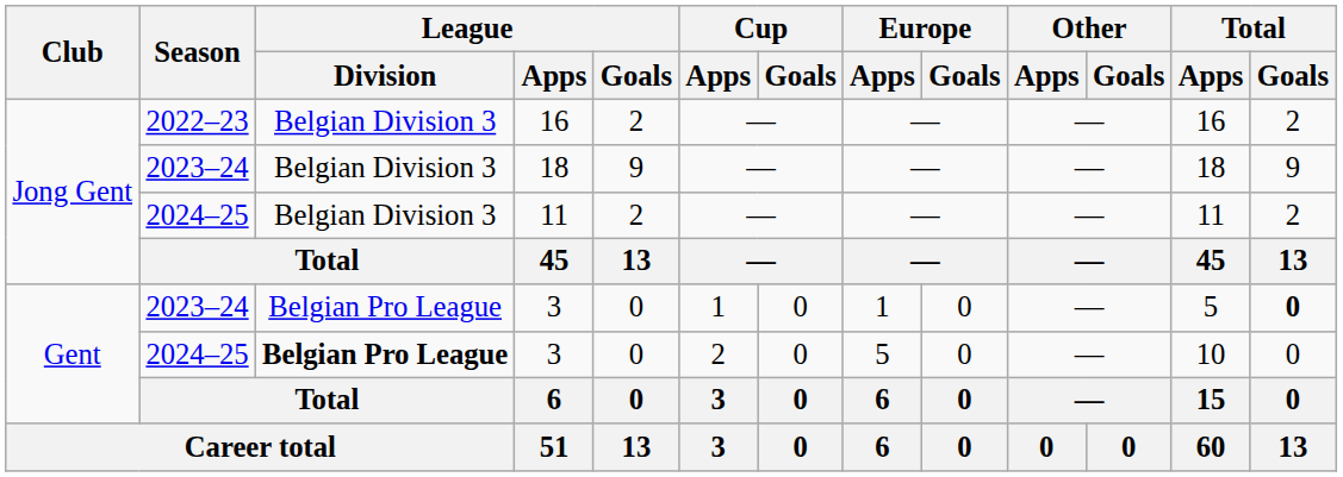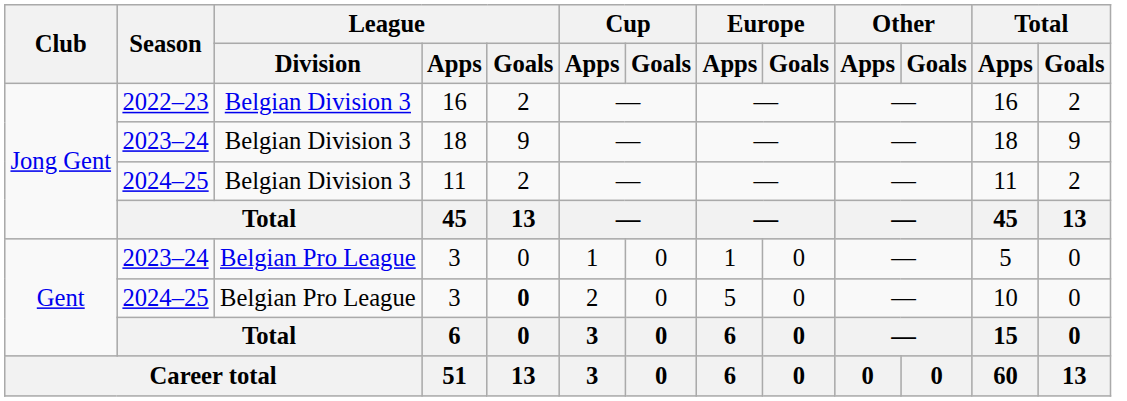 <table class="wikitable" style="text-align:center">
 <tr>
 <th rowspan="2">Club</th>
 <th rowspan="2">Season</th>
 <th colspan="3">League</th>
 <th colspan="2">Cup</th>
 <th colspan="2">Europe</th>
 <th colspan="2">Other</th>
 <th colspan="2">Total</th>
 </tr>
 <tr>
 <th>Division</th>
 <th>Apps</th>
 <th>Goals</th>
 <th>Apps</th>
 <th>Goals</th>
 <th>Apps</th>
 <th>Goals</th>
 <th>Apps</th>
 <th>Goals</th>
 <th>Apps</th>
 <th>Goals</th>
 </tr>
 <tr>
 <td rowspan="4"><a href='#'>Jong Gent</a></td>
 <td><a href='#'>2022–23</a></td>
 <td><a href='#'>Belgian Division 3</a></td>
 <td>16</td>
 <td>2</td>
 <td colspan="2">—</td>
 <td colspan="2">—</td>
 <td colspan="2">—</td>
 <td>16</td>
 <td>2</td>
 </tr>
 <tr>
 <td><a href='#'>2023–24</a></td>
 <td>Belgian Division 3</td>
 <td>18</td>
 <td>9</td>
 <td colspan="2">—</td>
 <td colspan="2">—</td>
 <td colspan="2">—</td>
 <td>18</td>
 <td>9</td>
 </tr>
 <tr>
 <td><a href='#'>2024–25</a></td>
 <td>Belgian Division 3</td>
 <td>11</td>
 <td>2</td>
 <td colspan="2">—</td>
 <td colspan="2">—</td>
 <td colspan="2">—</td>
 <td>11</td>
 <td>2</td>
 </tr>
 <tr>
 <th colspan="2">Total</th>
 <th>45</th>
 <th>13</th>
 <th colspan="2">—</th>
 <th colspan="2">—</th>
 <th colspan="2">—</th>
 <th>45</th>
 <th>13</th>
 </tr>
 <tr>
 <td rowspan="3"><a href='#'>Gent</a></td>
 <td><a href='#'>2023–24</a></td>
 <td><a href='#'>Belgian Pro League</a></td>
 <td>3</td>
 <td>0</td>
 <td>1</td>
 <td>0</td>
 <td>1</td>
 <td>0</td>
 <td colspan="2">—</td>
 <td>5</td>
-<td><strong>0</strong></td>
+<td>0</td>
 </tr>
 <tr>
 <td><a href='#'>2024–25</a></td>
-<td><strong>Belgian Pro League</strong></td>
+<td>Belgian Pro League</td>
 <td>3</td>
-<td>0</td>
+<td><strong>0</strong></td>
 <td>2</td>
 <td>0</td>
 <td>5</td>
 <td>0</td>
 <td colspan="2">—</td>
 <td>10</td>
 <td>0</td>
 </tr>
 <tr>
 <th colspan="2">Total</th>
 <th>6</th>
 <th>0</th>
 <th>3</th>
 <th>0</th>
 <th>6</th>
 <th>0</th>
 <th colspan="2">—</th>
 <th>15</th>
 <th>0</th>
 </tr>
 <tr>
 <th colspan="3">Career total</th>
 <th>51</th>
 <th>13</th>
 <th>3</th>
 <th>0</th>
 <th>6</th>
 <th>0</th>
 <th>0</th>
 <th>0</th>
 <th>60</th>
 <th>13</th>
 </tr>
 </table>
